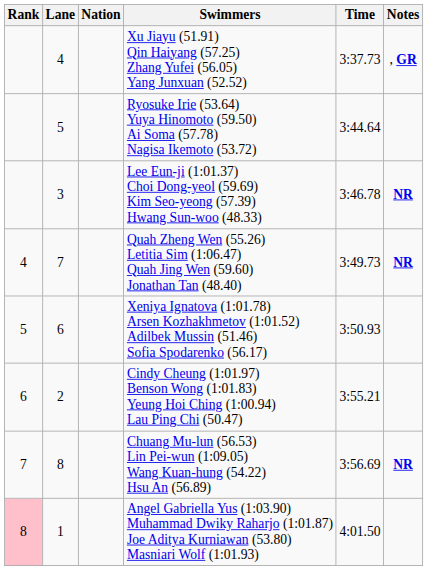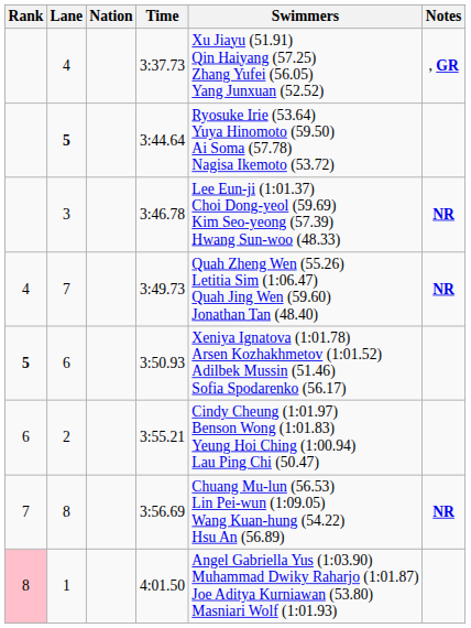 <table class="wikitable sortable" style="text-align:center">
 <tr>
 <th>Rank</th>
 <th>Lane</th>
 <th>Nation</th>
+<th>Time</th>
 <th>Swimmers</th>
-<th>Time</th>
 <th>Notes</th>
 </tr>
 <tr>
 <td></td>
 <td>4</td>
 <td align=left></td>
+<td>3:37.73</td>
 <td align=left><a href='#'>Xu Jiayu</a> (51.91)<br><a href='#'>Qin Haiyang</a> (57.25)<br><a href='#'>Zhang Yufei</a> (56.05)<br><a href='#'>Yang Junxuan</a> (52.52)</td>
-<td>3:37.73</td>
 <td>, <strong><a href='#'>GR</a></strong></td>
 </tr>
 <tr>
 <td></td>
-<td>5</td>
+<td><strong>5</strong></td>
 <td align=left></td>
+<td>3:44.64</td>
 <td align=left><a href='#'>Ryosuke Irie</a> (53.64)<br><a href='#'>Yuya Hinomoto</a> (59.50)<br><a href='#'>Ai Soma</a> (57.78)<br><a href='#'>Nagisa Ikemoto</a> (53.72)</td>
-<td>3:44.64</td>
 <td></td>
 </tr>
 <tr>
 <td></td>
 <td>3</td>
 <td align=left></td>
+<td>3:46.78</td>
 <td align=left><a href='#'>Lee Eun-ji</a> (1:01.37)<br><a href='#'>Choi Dong-yeol</a> (59.69)<br><a href='#'>Kim Seo-yeong</a> (57.39)<br><a href='#'>Hwang Sun-woo</a> (48.33)</td>
-<td>3:46.78</td>
 <td><strong><a href='#'>NR</a></strong></td>
 </tr>
 <tr>
 <td>4</td>
 <td>7</td>
 <td align=left></td>
+<td>3:49.73</td>
 <td align=left><a href='#'>Quah Zheng Wen</a> (55.26)<br><a href='#'>Letitia Sim</a> (1:06.47)<br><a href='#'>Quah Jing Wen</a> (59.60)<br><a href='#'>Jonathan Tan</a> (48.40)</td>
-<td>3:49.73</td>
 <td><strong><a href='#'>NR</a></strong></td>
 </tr>
 <tr>
-<td>5</td>
+<td><strong>5</strong></td>
 <td>6</td>
 <td align=left></td>
+<td>3:50.93</td>
 <td align=left><a href='#'>Xeniya Ignatova</a> (1:01.78)<br><a href='#'>Arsen Kozhakhmetov</a> (1:01.52)<br><a href='#'>Adilbek Mussin</a> (51.46)<br><a href='#'>Sofia Spodarenko</a> (56.17)</td>
-<td>3:50.93</td>
 <td></td>
 </tr>
 <tr>
 <td>6</td>
 <td>2</td>
 <td align=left></td>
+<td>3:55.21</td>
 <td align=left><a href='#'>Cindy Cheung</a> (1:01.97)<br><a href='#'>Benson Wong</a> (1:01.83)<br><a href='#'>Yeung Hoi Ching</a> (1:00.94)<br><a href='#'>Lau Ping Chi</a> (50.47)</td>
-<td>3:55.21</td>
 <td></td>
 </tr>
 <tr>
 <td>7</td>
 <td>8</td>
 <td align=left></td>
+<td>3:56.69</td>
 <td align=left><a href='#'>Chuang Mu-lun</a> (56.53)<br><a href='#'>Lin Pei-wun</a> (1:09.05)<br><a href='#'>Wang Kuan-hung</a> (54.22)<br><a href='#'>Hsu An</a> (56.89)</td>
-<td>3:56.69</td>
 <td><strong><a href='#'>NR</a></strong></td>
 </tr>
 <tr>
 <td style="background: pink;">8</td>
 <td>1</td>
 <td align=left></td>
+<td>4:01.50</td>
 <td align=left><a href='#'>Angel Gabriella Yus</a> (1:03.90)<br><a href='#'>Muhammad Dwiky Raharjo</a> (1:01.87)<br><a href='#'>Joe Aditya Kurniawan</a> (53.80)<br><a href='#'>Masniari Wolf</a> (1:01.93)</td>
-<td>4:01.50</td>
 <td></td>
 </tr>
 </table>
